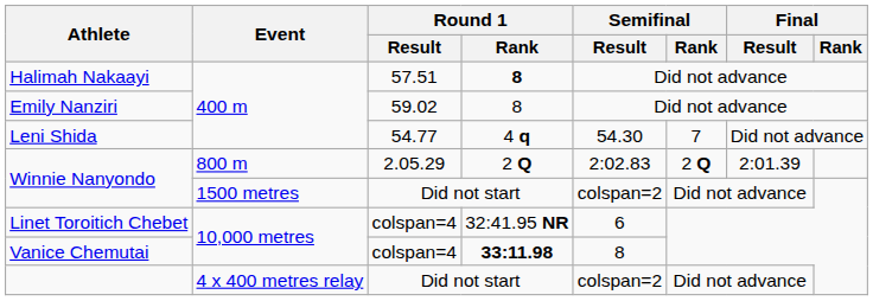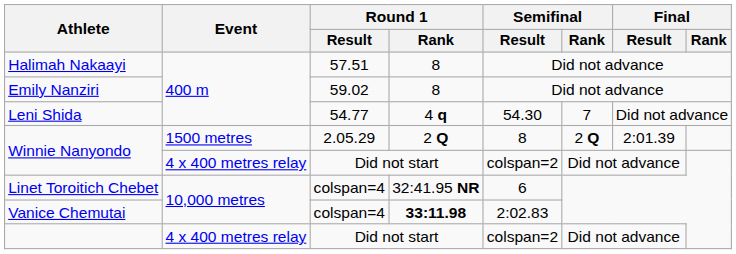 <table class=wikitable style="font-size:90%">
 <tr>
 <th rowspan="2">Athlete</th>
 <th rowspan="2">Event</th>
 <th colspan="2">Round 1</th>
 <th colspan="2">Semifinal</th>
 <th colspan="2">Final</th>
 </tr>
 <tr style="font-size:95%">
 <th>Result</th>
 <th>Rank</th>
 <th>Result</th>
 <th>Rank</th>
 <th>Result</th>
 <th>Rank</th>
 </tr>
 <tr align=center>
 <td align=left><a href='#'>Halimah Nakaayi</a></td>
 <td align=left rowspan="3"><a href='#'>400 m</a></td>
 <td>57.51</td>
-<td><strong>8</strong></td>
+<td>8</td>
 <td colspan="4">Did not advance</td>
 </tr>
 <tr align=center>
 <td align=left><a href='#'>Emily Nanziri</a></td>
 <td>59.02</td>
 <td>8</td>
 <td colspan="4">Did not advance</td>
 </tr>
 <tr align=center>
 <td align=left><a href='#'>Leni Shida</a></td>
 <td>54.77</td>
 <td>4  <strong>q</strong></td>
 <td>54.30</td>
 <td>7</td>
 <td colspan="2">Did not advance</td>
 </tr>
 <tr align=center>
 <td align=left rowspan=2><a href='#'>Winnie Nanyondo</a></td>
-<td align=left><a href='#'>800 m</a></td>
+<td align=left><a href='#'>1500 metres</a></td>
 <td>2.05.29</td>
 <td>2 <strong>Q</strong></td>
-<td>2:02.83</td>
+<td>8</td>
 <td>2 <strong>Q</strong></td>
 <td>2:01.39</td>
 <td></td>
 </tr>
 <tr align=center>
-<td align=left><a href='#'>1500 metres</a></td>
+<td align=left><a href='#'>4 x 400 metres relay</a></td>
 <td colspan="2">Did not start</td>
 <td>colspan=2 </td>
 <td colspan="2">Did not advance</td>
 </tr>
 <tr align=center>
 <td align=left><a href='#'>Linet Toroitich Chebet</a></td>
 <td align=left rowspan=2><a href='#'>10,000 metres</a></td>
 <td>colspan=4 </td>
 <td>32:41.95 <strong>NR</strong></td>
 <td>6</td>
 </tr>
 <tr align=center>
 <td align=left><a href='#'>Vanice Chemutai</a></td>
 <td>colspan=4 </td>
 <td><strong>33:11.98</strong></td>
-<td>8</td>
+<td>2:02.83</td>
 </tr>
 <tr align=center>
 <td align=left></td>
 <td align=left><a href='#'>4 x 400 metres relay</a></td>
 <td colspan=2>Did not start</td>
 <td>colspan=2 </td>
 <td colspan=2>Did not advance</td>
 </tr>
 </table>
